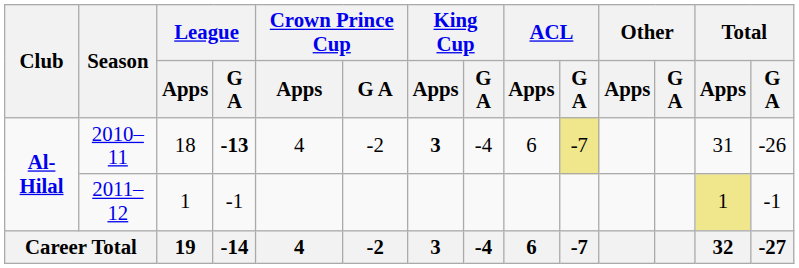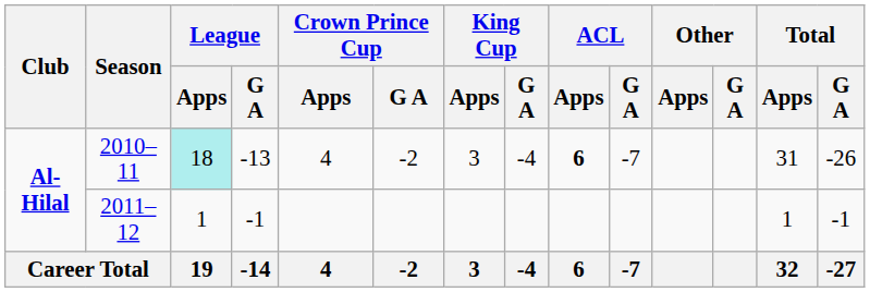 <table class="wikitable" style="text-align: center;">
 <tr>
 <th rowspan="2">Club</th>
 <th rowspan="2">Season</th>
 <th colspan="2"><a href='#'>League</a></th>
 <th colspan="2"><a href='#'>Crown Prince Cup</a></th>
 <th colspan="2"><a href='#'>King Cup</a></th>
 <th colspan="2"><a href='#'>ACL</a></th>
 <th colspan="2">Other</th>
 <th colspan="2">Total</th>
 </tr>
 <tr>
 <th>Apps</th>
 <th>G A</th>
 <th>Apps</th>
 <th>G A</th>
 <th>Apps</th>
 <th>G A</th>
 <th>Apps</th>
 <th>G A</th>
 <th>Apps</th>
 <th>G A</th>
 <th>Apps</th>
 <th>G A</th>
 </tr>
 <tr>
 <td rowspan="2" valign="center"><strong><a href='#'>Al-Hilal</a></strong></td>
 <td><a href='#'>2010–11</a></td>
-<td>18</td>
-<td><strong>-13</strong></td>
+<td style="background: paleturquoise;">18</td>
+<td>-13</td>
 <td>4</td>
 <td>-2</td>
-<td><strong>3</strong></td>
+<td>3</td>
 <td>-4</td>
-<td>6</td>
-<td style="background: khaki;">-7</td>
+<td><strong>6</strong></td>
+<td>-7</td>
 <td></td>
 <td></td>
 <td>31</td>
 <td>-26</td>
 </tr>
 <tr>
 <td><a href='#'>2011–12</a></td>
 <td>1</td>
 <td>-1</td>
 <td></td>
 <td></td>
 <td></td>
 <td></td>
 <td></td>
 <td></td>
 <td></td>
 <td></td>
-<td style="background: khaki;">1</td>
+<td>1</td>
 <td>-1</td>
 </tr>
 <tr>
 <th colspan="2">Career Total</th>
 <th>19</th>
 <th>-14</th>
 <th>4</th>
 <th>-2</th>
 <th>3</th>
 <th>-4</th>
 <th>6</th>
 <th>-7</th>
 <th></th>
 <th></th>
 <th>32</th>
 <th>-27</th>
 </tr>
 </table>
